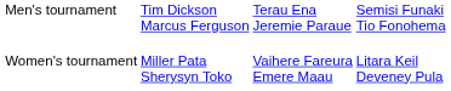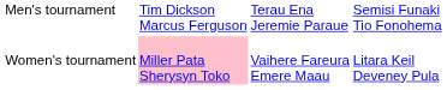 <table>
 <tr>
 <td>Men's tournament</td>
 <td><br><a href='#'>Tim Dickson</a><br><a href='#'>Marcus Ferguson</a></td>
 <td><br><a href='#'>Terau Ena</a><br><a href='#'>Jeremie Paraue</a></td>
 <td><br><a href='#'>Semisi Funaki</a><br><a href='#'>Tio Fonohema</a></td>
 </tr>
 <tr>
 <td>Women's tournament</td>
-<td><br><a href='#'>Miller Pata</a><br><a href='#'>Sherysyn Toko</a></td>
+<td style="background: pink;"><br><a href='#'>Miller Pata</a><br><a href='#'>Sherysyn Toko</a></td>
 <td><br><a href='#'>Vaihere Fareura</a><br><a href='#'>Emere Maau</a></td>
 <td><br><a href='#'>Litara Keil</a><br><a href='#'>Deveney Pula</a></td>
 </tr>
 </table>
